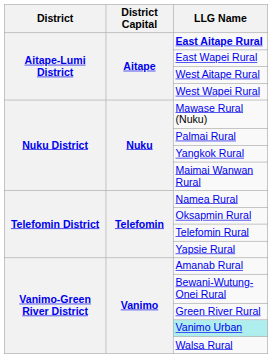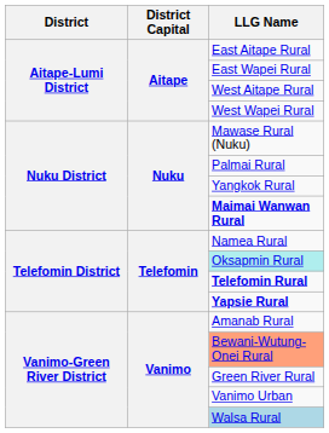 <table class="wikitable" style="text-align: left;" width="400">
 <tr>
 <th>District</th>
 <th>District Capital</th>
 <th>LLG Name</th>
 </tr>
 <tr>
 <th rowspan="4"><a href='#'>Aitape-Lumi District</a></th>
 <th rowspan="4"><a href='#'>Aitape</a></th>
-<td><strong><a href='#'>East Aitape Rural</a></strong></td>
+<td><a href='#'>East Aitape Rural</a></td>
 </tr>
 <tr>
 <td><a href='#'>East Wapei Rural</a></td>
 </tr>
 <tr>
 <td><a href='#'>West Aitape Rural</a></td>
 </tr>
 <tr>
 <td><a href='#'>West Wapei Rural</a></td>
 </tr>
 <tr>
 <th rowspan="4"><a href='#'>Nuku District</a></th>
 <th rowspan="4"><a href='#'>Nuku</a></th>
 <td><a href='#'>Mawase Rural</a> (Nuku)</td>
 </tr>
 <tr>
 <td><a href='#'>Palmai Rural</a></td>
 </tr>
 <tr>
 <td><a href='#'>Yangkok Rural</a></td>
 </tr>
 <tr>
-<td><a href='#'>Maimai Wanwan Rural</a></td>
+<td><strong><a href='#'>Maimai Wanwan Rural</a></strong></td>
 </tr>
 <tr>
 <th rowspan="4"><a href='#'>Telefomin District</a></th>
 <th rowspan="4"><a href='#'>Telefomin</a></th>
 <td><a href='#'>Namea Rural</a></td>
 </tr>
 <tr>
-<td><a href='#'>Oksapmin Rural</a></td>
+<td style="background: paleturquoise;"><a href='#'>Oksapmin Rural</a></td>
 </tr>
 <tr>
-<td><a href='#'>Telefomin Rural</a></td>
+<td><strong><a href='#'>Telefomin Rural</a></strong></td>
 </tr>
 <tr>
-<td><a href='#'>Yapsie Rural</a></td>
+<td><strong><a href='#'>Yapsie Rural</a></strong></td>
 </tr>
 <tr>
 <th rowspan="5"><a href='#'>Vanimo-Green River District</a></th>
 <th rowspan="5"><a href='#'>Vanimo</a></th>
 <td><a href='#'>Amanab Rural</a></td>
 </tr>
 <tr>
-<td><a href='#'>Bewani-Wutung-Onei Rural</a></td>
+<td style="background: lightsalmon;"><a href='#'>Bewani-Wutung-Onei Rural</a></td>
 </tr>
 <tr>
 <td><a href='#'>Green River Rural</a></td>
 </tr>
 <tr>
-<td style="background: paleturquoise;"><a href='#'>Vanimo Urban</a></td>
+<td><a href='#'>Vanimo Urban</a></td>
 </tr>
 <tr>
-<td><a href='#'>Walsa Rural</a></td>
+<td style="background: lightblue;"><a href='#'>Walsa Rural</a></td>
 </tr>
 </table>
